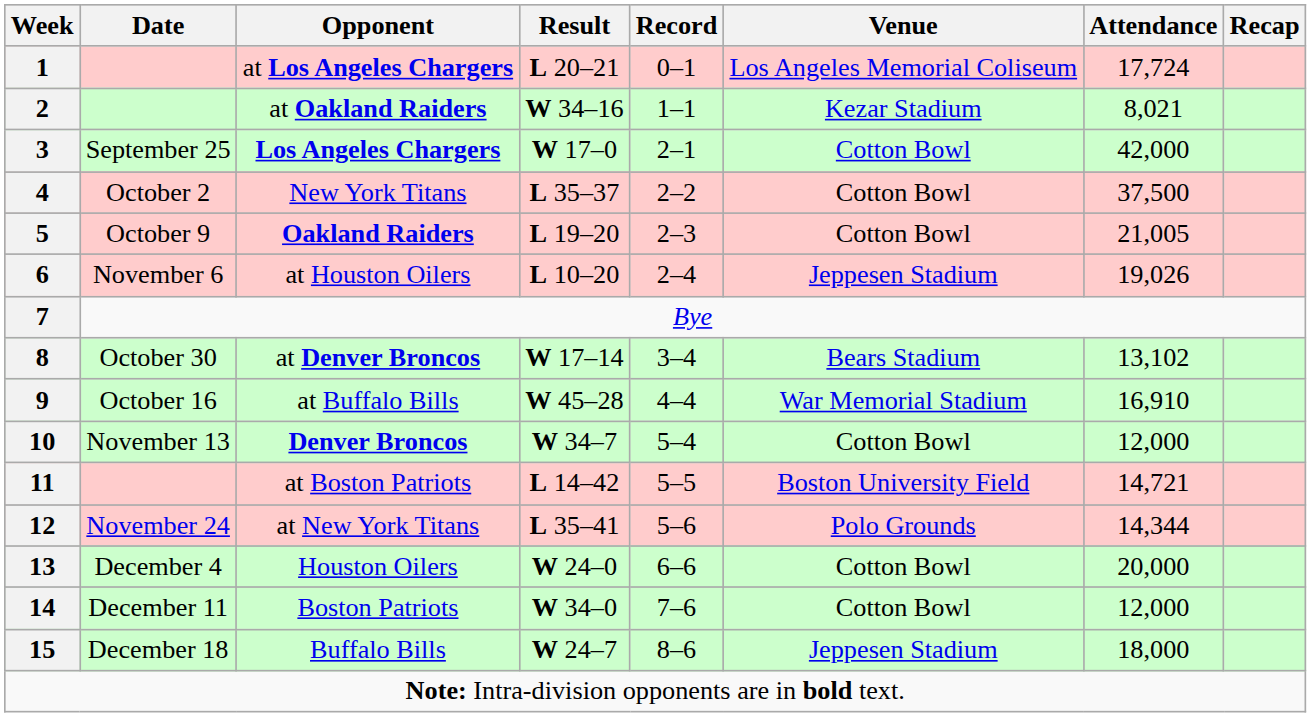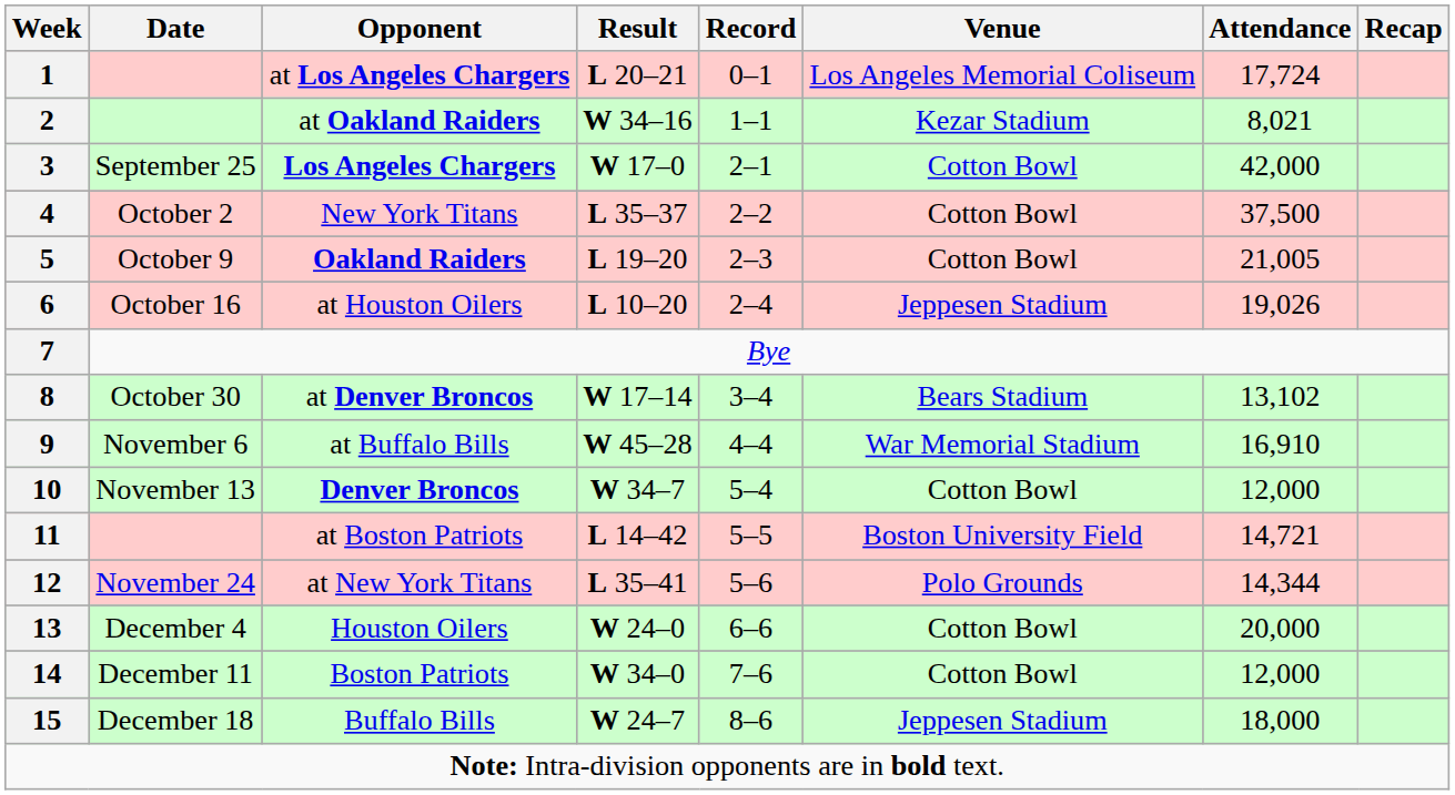 <table class="wikitable" style="text-align:center">
 <tr>
 <th>Week</th>
 <th>Date</th>
 <th>Opponent</th>
 <th>Result</th>
 <th>Record</th>
 <th>Venue</th>
 <th>Attendance</th>
 <th>Recap</th>
 </tr>
 <tr style="background:#fcc">
 <th>1</th>
 <td></td>
 <td>at <strong><a href='#'>Los Angeles Chargers</a></strong></td>
 <td><strong>L</strong> 20–21</td>
 <td>0–1</td>
 <td><a href='#'>Los Angeles Memorial Coliseum</a></td>
 <td>17,724</td>
 <td></td>
 </tr>
 <tr style="background:#cfc">
 <th>2</th>
 <td></td>
 <td>at <strong><a href='#'>Oakland Raiders</a></strong></td>
 <td><strong>W</strong> 34–16</td>
 <td>1–1</td>
 <td><a href='#'>Kezar Stadium</a></td>
 <td>8,021</td>
 <td></td>
 </tr>
 <tr style="background:#cfc">
 <th>3</th>
 <td>September 25</td>
 <td><strong><a href='#'>Los Angeles Chargers</a></strong></td>
 <td><strong>W</strong> 17–0</td>
 <td>2–1</td>
 <td><a href='#'>Cotton Bowl</a></td>
 <td>42,000</td>
 <td></td>
 </tr>
 <tr style="background:#fcc">
 <th>4</th>
 <td>October 2</td>
 <td><a href='#'>New York Titans</a></td>
 <td><strong>L</strong> 35–37</td>
 <td>2–2</td>
 <td>Cotton Bowl</td>
 <td>37,500</td>
 <td></td>
 </tr>
 <tr style="background:#fcc">
 <th>5</th>
 <td>October 9</td>
 <td><strong><a href='#'>Oakland Raiders</a></strong></td>
 <td><strong>L</strong> 19–20</td>
 <td>2–3</td>
 <td>Cotton Bowl</td>
 <td>21,005</td>
 <td></td>
 </tr>
 <tr style="background:#fcc">
 <th>6</th>
-<td>November 6</td>
+<td>October 16</td>
 <td>at <a href='#'>Houston Oilers</a></td>
 <td><strong>L</strong> 10–20</td>
 <td>2–4</td>
 <td><a href='#'>Jeppesen Stadium</a></td>
 <td>19,026</td>
 <td></td>
 </tr>
 <tr>
 <th>7</th>
 <td colspan="7"><em><a href='#'>Bye</a></em></td>
 </tr>
 <tr style="background:#cfc">
 <th>8</th>
 <td>October 30</td>
 <td>at <strong><a href='#'>Denver Broncos</a></strong></td>
 <td><strong>W</strong> 17–14</td>
 <td>3–4</td>
 <td><a href='#'>Bears Stadium</a></td>
 <td>13,102</td>
 <td></td>
 </tr>
 <tr style="background:#cfc">
 <th>9</th>
-<td>October 16</td>
+<td>November 6</td>
 <td>at <a href='#'>Buffalo Bills</a></td>
 <td><strong>W</strong> 45–28</td>
 <td>4–4</td>
 <td><a href='#'>War Memorial Stadium</a></td>
 <td>16,910</td>
 <td></td>
 </tr>
 <tr style="background:#cfc">
 <th>10</th>
 <td>November 13</td>
 <td><strong><a href='#'>Denver Broncos</a></strong></td>
 <td><strong>W</strong> 34–7</td>
 <td>5–4</td>
 <td>Cotton Bowl</td>
 <td>12,000</td>
 <td></td>
 </tr>
 <tr style="background:#fcc">
 <th>11</th>
 <td></td>
 <td>at <a href='#'>Boston Patriots</a></td>
 <td><strong>L</strong> 14–42</td>
 <td>5–5</td>
 <td><a href='#'>Boston University Field</a></td>
 <td>14,721</td>
 <td></td>
 </tr>
 <tr style="background:#fcc">
 <th>12</th>
 <td><a href='#'>November 24</a></td>
 <td>at <a href='#'>New York Titans</a></td>
 <td><strong>L</strong> 35–41</td>
 <td>5–6</td>
 <td><a href='#'>Polo Grounds</a></td>
 <td>14,344</td>
 <td></td>
 </tr>
 <tr style="background:#cfc">
 <th>13</th>
 <td>December 4</td>
 <td><a href='#'>Houston Oilers</a></td>
 <td><strong>W</strong> 24–0</td>
 <td>6–6</td>
 <td>Cotton Bowl</td>
 <td>20,000</td>
 <td></td>
 </tr>
 <tr style="background:#cfc">
 <th>14</th>
 <td>December 11</td>
 <td><a href='#'>Boston Patriots</a></td>
 <td><strong>W</strong> 34–0</td>
 <td>7–6</td>
 <td>Cotton Bowl</td>
 <td>12,000</td>
 <td></td>
 </tr>
 <tr style="background:#cfc">
 <th>15</th>
 <td>December 18</td>
 <td><a href='#'>Buffalo Bills</a></td>
 <td><strong>W</strong> 24–7</td>
 <td>8–6</td>
 <td><a href='#'>Jeppesen Stadium</a></td>
 <td>18,000</td>
 <td></td>
 </tr>
 <tr>
 <td colspan="8"><strong>Note:</strong> Intra-division opponents are in <strong>bold</strong> text.</td>
 </tr>
 </table>
